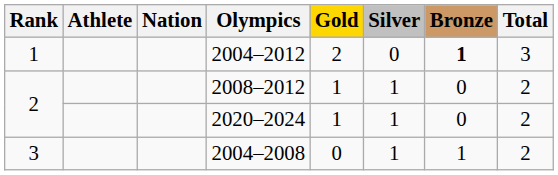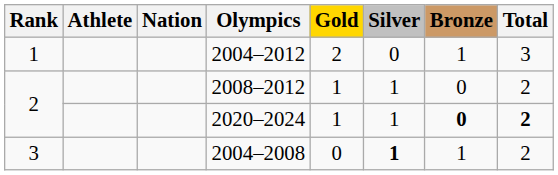 <table class="wikitable sortable" style="text-align:center">
 <tr>
 <th>Rank</th>
 <th>Athlete</th>
 <th>Nation</th>
 <th>Olympics</th>
 <th style="background-color:gold">Gold</th>
 <th style="background-color:silver">Silver</th>
 <th style="background-color:#cc9966">Bronze</th>
 <th>Total</th>
 </tr>
 <tr>
 <td>1</td>
 <td align=left></td>
 <td align=left></td>
 <td>2004–2012</td>
 <td>2</td>
 <td>0</td>
-<td><strong>1</strong></td>
+<td>1</td>
 <td>3</td>
 </tr>
 <tr>
 <td rowspan=2>2</td>
 <td align=left></td>
 <td align=left></td>
 <td>2008–2012</td>
 <td>1</td>
 <td>1</td>
 <td>0</td>
 <td>2</td>
 </tr>
 <tr>
 <td align=left></td>
 <td align=left></td>
 <td>2020–2024</td>
 <td>1</td>
 <td>1</td>
-<td>0</td>
-<td>2</td>
+<td><strong>0</strong></td>
+<td><strong>2</strong></td>
 </tr>
 <tr>
 <td>3</td>
 <td align=left></td>
 <td align=left></td>
 <td>2004–2008</td>
 <td>0</td>
-<td>1</td>
+<td><strong>1</strong></td>
 <td>1</td>
 <td>2</td>
 </tr>
 </table>
